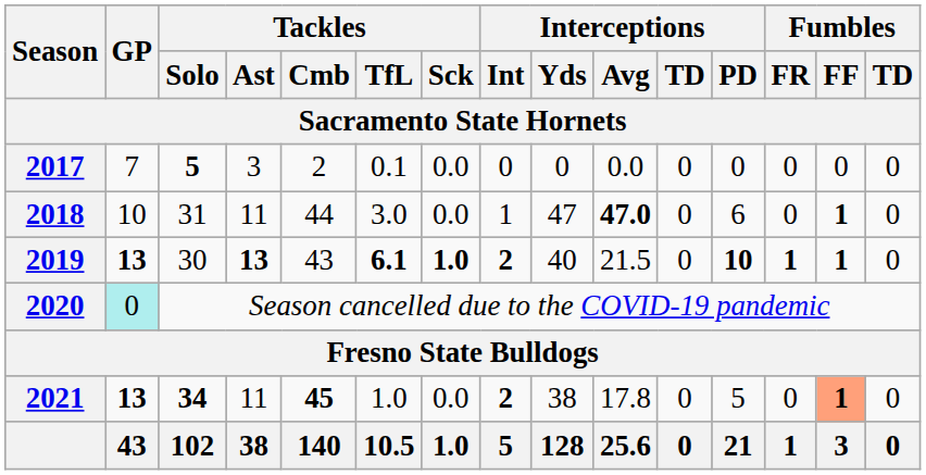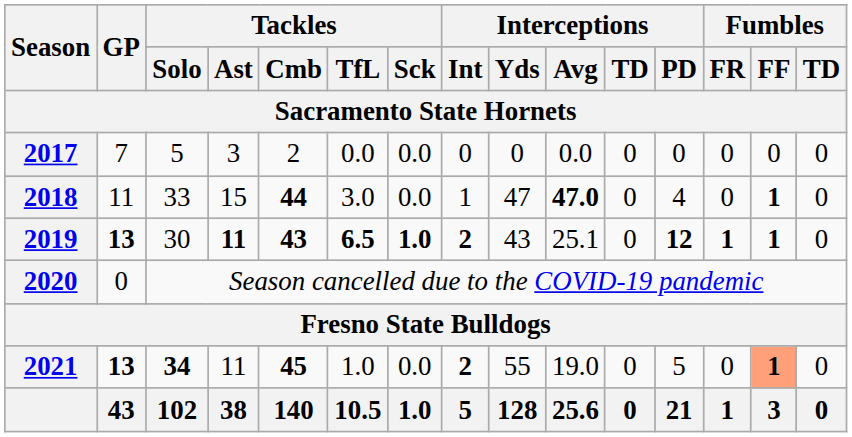 <table class="wikitable" style="text-align:center;">
 <tr>
 <th rowspan="2">Season</th>
 <th rowspan="2">GP</th>
 <th colspan="5">Tackles</th>
 <th colspan="5">Interceptions</th>
 <th colspan="3">Fumbles</th>
 </tr>
 <tr>
 <th>Solo</th>
 <th>Ast</th>
 <th>Cmb</th>
 <th>TfL</th>
 <th>Sck</th>
 <th>Int</th>
 <th>Yds</th>
 <th>Avg</th>
 <th>TD</th>
 <th>PD</th>
 <th>FR</th>
 <th>FF</th>
 <th>TD</th>
 </tr>
 <tr>
 <th colspan="15">Sacramento State Hornets</th>
 </tr>
 <tr>
 <th><a href='#'>2017</a></th>
 <td>7</td>
-<td><strong>5</strong></td>
+<td>5</td>
 <td>3</td>
 <td>2</td>
-<td>0.1</td>
+<td>0.0</td>
 <td>0.0</td>
 <td>0</td>
 <td>0</td>
 <td>0.0</td>
 <td>0</td>
 <td>0</td>
 <td>0</td>
 <td>0</td>
 <td>0</td>
 </tr>
 <tr>
 <th><a href='#'>2018</a></th>
-<td>10</td>
-<td>31</td>
 <td>11</td>
-<td>44</td>
+<td>33</td>
+<td>15</td>
+<td><strong>44</strong></td>
 <td>3.0</td>
 <td>0.0</td>
 <td>1</td>
 <td>47</td>
 <td><strong>47.0</strong></td>
 <td>0</td>
-<td>6</td>
+<td>4</td>
 <td>0</td>
 <td><strong>1</strong></td>
 <td>0</td>
 </tr>
 <tr>
 <th><a href='#'>2019</a></th>
 <td><strong>13</strong></td>
 <td>30</td>
-<td><strong>13</strong></td>
-<td>43</td>
-<td><strong>6.1</strong></td>
+<td><strong>11</strong></td>
+<td><strong>43</strong></td>
+<td><strong>6.5</strong></td>
 <td><strong>1.0</strong></td>
 <td><strong>2</strong></td>
-<td>40</td>
-<td>21.5</td>
+<td>43</td>
+<td>25.1</td>
 <td>0</td>
-<td><strong>10</strong></td>
+<td><strong>12</strong></td>
 <td><strong>1</strong></td>
 <td><strong>1</strong></td>
 <td>0</td>
 </tr>
 <tr>
 <th><a href='#'>2020</a></th>
-<td style="background: paleturquoise;">0</td>
+<td>0</td>
 <td colspan="13"><em>Season cancelled due to the <a href='#'>COVID-19 pandemic</a></em></td>
 </tr>
 <tr>
 <th colspan="15">Fresno State Bulldogs</th>
 </tr>
 <tr>
 <th><a href='#'>2021</a></th>
 <td><strong>13</strong></td>
 <td><strong>34</strong></td>
 <td>11</td>
 <td><strong>45</strong></td>
 <td>1.0</td>
 <td>0.0</td>
 <td><strong>2</strong></td>
-<td>38</td>
-<td>17.8</td>
+<td>55</td>
+<td>19.0</td>
 <td>0</td>
 <td>5</td>
 <td>0</td>
 <td style="background: lightsalmon;"><strong>1</strong></td>
 <td>0</td>
 </tr>
 <tr>
 <th></th>
 <th>43</th>
 <th>102</th>
 <th>38</th>
 <th>140</th>
 <th>10.5</th>
 <th>1.0</th>
 <th>5</th>
 <th>128</th>
 <th>25.6</th>
 <th>0</th>
 <th>21</th>
 <th>1</th>
 <th>3</th>
 <th>0</th>
 </tr>
 </table>
